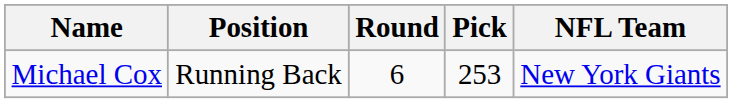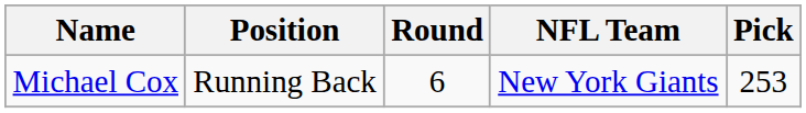 <table class="wikitable sortable" border="1" style="text-align: center;">
 <tr align=center>
 <th>Name</th>
 <th>Position</th>
 <th>Round</th>
+<th>NFL Team</th>
 <th>Pick</th>
-<th>NFL Team</th>
 </tr>
 <tr align="center" bgcolor="">
 <td><a href='#'>Michael Cox</a></td>
 <td>Running Back</td>
 <td>6</td>
+<td><a href='#'>New York Giants</a></td>
 <td>253</td>
-<td><a href='#'>New York Giants</a></td>
 </tr>
 </table>
